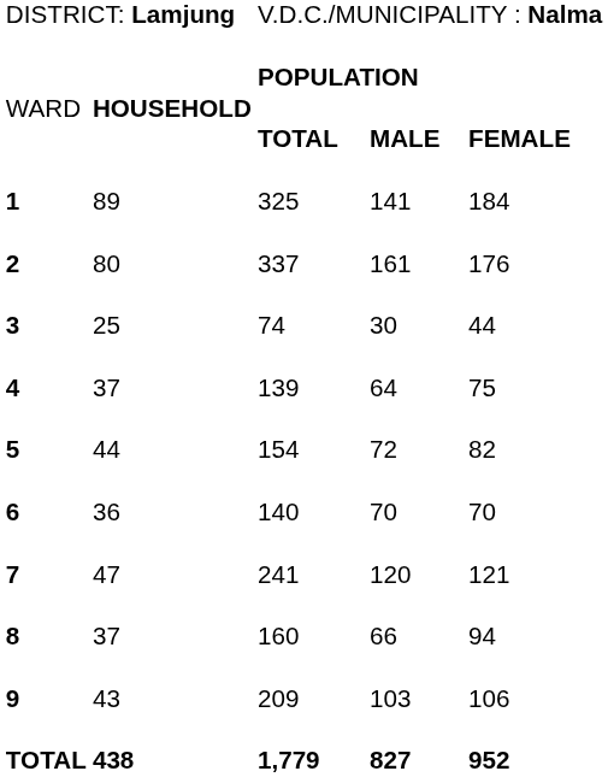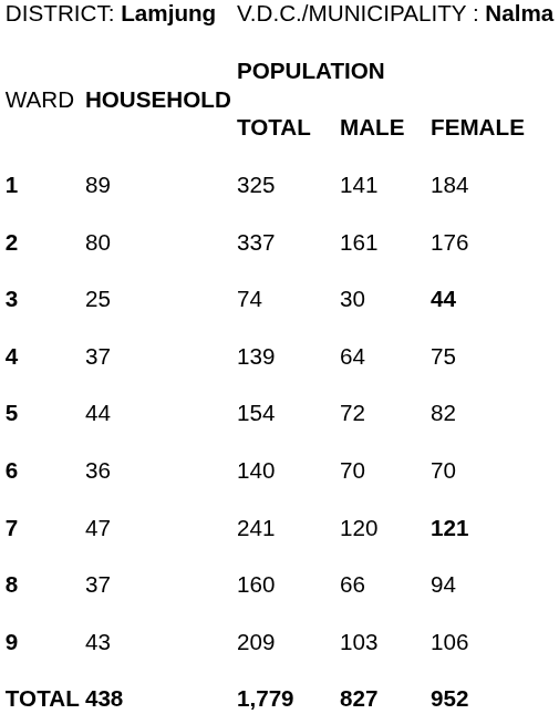 <table class="MsoTable15Grid4Accent5">
 <tr>
 <td colspan="2"><br>DISTRICT: <strong>Lamjung</strong></td>
 <td colspan="3"><br>V.D.C./MUNICIPALITY : <strong>Nalma</strong></td>
 </tr>
 <tr>
 <td rowspan="2"><br>WARD</td>
 <td rowspan="2"><br><strong>HOUSEHOLD</strong></td>
 <td colspan="3"><br><strong>POPULATION</strong></td>
 </tr>
 <tr>
 <td><br><strong>TOTAL</strong></td>
 <td><br><strong>MALE</strong></td>
 <td><br><strong>FEMALE</strong></td>
 </tr>
 <tr>
 <td><br><strong>1</strong></td>
 <td><br>89</td>
 <td><br>325</td>
 <td><br>141</td>
 <td><br>184</td>
 </tr>
 <tr>
 <td><br><strong>2</strong></td>
 <td><br>80</td>
 <td><br>337</td>
 <td><br>161</td>
 <td><br>176</td>
 </tr>
 <tr>
 <td><br><strong>3</strong></td>
 <td><br>25</td>
 <td><br>74</td>
 <td><br>30</td>
-<td><br>44</td>
+<td><strong><br>44</strong></td>
 </tr>
 <tr>
 <td><br><strong>4</strong></td>
 <td><br>37</td>
 <td><br>139</td>
 <td><br>64</td>
 <td><br>75</td>
 </tr>
 <tr>
 <td><br><strong>5</strong></td>
 <td><br>44</td>
 <td><br>154</td>
 <td><br>72</td>
 <td><br>82</td>
 </tr>
 <tr>
 <td><br><strong>6</strong></td>
 <td><br>36</td>
 <td><br>140</td>
 <td><br>70</td>
 <td><br>70</td>
 </tr>
 <tr>
 <td><br><strong>7</strong></td>
 <td><br>47</td>
 <td><br>241</td>
 <td><br>120</td>
-<td><br>121</td>
+<td><strong><br>121</strong></td>
 </tr>
 <tr>
 <td><br><strong>8</strong></td>
 <td><br>37</td>
 <td><br>160</td>
 <td><br>66</td>
 <td><br>94</td>
 </tr>
 <tr>
 <td><br><strong>9</strong></td>
 <td><br>43</td>
 <td><br>209</td>
 <td><br>103</td>
 <td><br>106</td>
 </tr>
 <tr>
 <td><br><strong>TOTAL</strong></td>
 <td><br><strong>438</strong></td>
 <td><br><strong>1,779</strong></td>
 <td><br><strong>827</strong></td>
 <td><br><strong>952</strong></td>
 </tr>
 </table>
